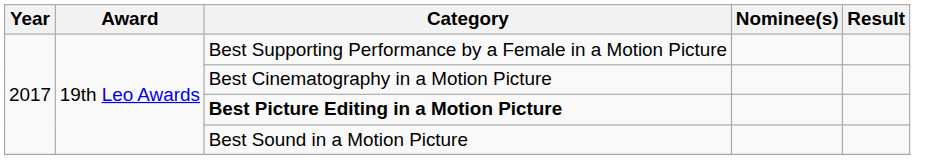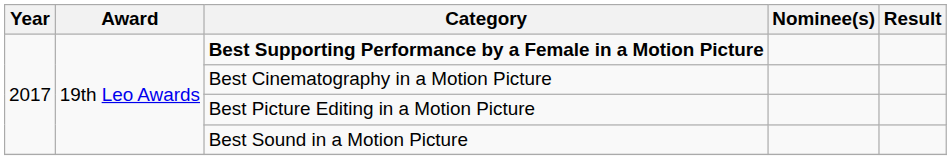 <table class="wikitable sortable">
 <tr>
 <th>Year</th>
 <th>Award</th>
 <th>Category</th>
 <th>Nominee(s)</th>
 <th>Result</th>
 </tr>
 <tr>
 <td rowspan="4">2017</td>
 <td rowspan="4">19th <a href='#'>Leo Awards</a></td>
-<td>Best Supporting Performance by a Female in a Motion Picture</td>
+<td><strong>Best Supporting Performance by a Female in a Motion Picture</strong></td>
 <td></td>
 <td></td>
 </tr>
 <tr>
 <td>Best Cinematography in a Motion Picture</td>
 <td></td>
 <td></td>
 </tr>
 <tr>
-<td><strong>Best Picture Editing in a Motion Picture</strong></td>
+<td>Best Picture Editing in a Motion Picture</td>
 <td></td>
 <td></td>
 </tr>
 <tr>
 <td>Best Sound in a Motion Picture</td>
 <td></td>
 <td></td>
 </tr>
 <tr>
 </tr>
 </table>
